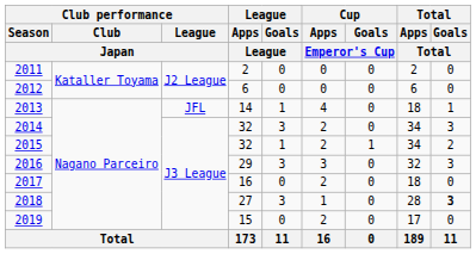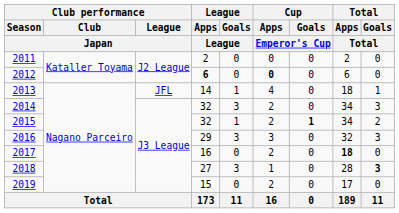 <table class="wikitable" style="text-align:center;">
 <tr>
 <th colspan=3>Club performance</th>
 <th colspan=2>League</th>
 <th colspan=2>Cup</th>
 <th colspan=2>Total</th>
 </tr>
 <tr>
 <th>Season</th>
 <th>Club</th>
 <th>League</th>
 <th>Apps</th>
 <th>Goals</th>
 <th>Apps</th>
 <th>Goals</th>
 <th>Apps</th>
 <th>Goals</th>
 </tr>
 <tr>
 <th colspan=3>Japan</th>
 <th colspan=2>League</th>
 <th colspan=2><a href='#'>Emperor's Cup</a></th>
 <th colspan=2>Total</th>
 </tr>
 <tr>
 <td><a href='#'>2011</a></td>
 <td rowspan="2"><a href='#'>Kataller Toyama</a></td>
 <td rowspan="2"><a href='#'>J2 League</a></td>
 <td>2</td>
 <td>0</td>
 <td>0</td>
 <td>0</td>
 <td>2</td>
 <td>0</td>
 </tr>
 <tr>
 <td><a href='#'>2012</a></td>
-<td>6</td>
+<td><strong>6</strong></td>
 <td>0</td>
-<td>0</td>
+<td><strong>0</strong></td>
 <td>0</td>
 <td>6</td>
 <td>0</td>
 </tr>
 <tr>
 <td><a href='#'>2013</a></td>
 <td rowspan="7"><a href='#'>Nagano Parceiro</a></td>
 <td><a href='#'>JFL</a></td>
 <td>14</td>
 <td>1</td>
 <td>4</td>
 <td>0</td>
 <td>18</td>
 <td>1</td>
 </tr>
 <tr>
 <td><a href='#'>2014</a></td>
 <td rowspan="6"><a href='#'>J3 League</a></td>
 <td>32</td>
 <td>3</td>
 <td>2</td>
 <td>0</td>
 <td>34</td>
 <td>3</td>
 </tr>
 <tr>
 <td><a href='#'>2015</a></td>
 <td>32</td>
 <td>1</td>
 <td>2</td>
-<td>1</td>
+<td><strong>1</strong></td>
 <td>34</td>
 <td>2</td>
 </tr>
 <tr>
 <td><a href='#'>2016</a></td>
 <td>29</td>
 <td>3</td>
 <td>3</td>
 <td>0</td>
 <td>32</td>
 <td>3</td>
 </tr>
 <tr>
 <td><a href='#'>2017</a></td>
 <td>16</td>
 <td>0</td>
 <td>2</td>
 <td>0</td>
-<td>18</td>
+<td><strong>18</strong></td>
 <td>0</td>
 </tr>
 <tr>
 <td><a href='#'>2018</a></td>
 <td>27</td>
 <td>3</td>
 <td>1</td>
 <td>0</td>
 <td>28</td>
 <td><strong>3</strong></td>
 </tr>
 <tr>
 <td><a href='#'>2019</a></td>
 <td>15</td>
 <td>0</td>
 <td>2</td>
 <td>0</td>
 <td>17</td>
 <td>0</td>
 </tr>
 <tr>
 <th colspan=3>Total</th>
 <th>173</th>
 <th>11</th>
 <th>16</th>
 <th>0</th>
 <th>189</th>
 <th>11</th>
 </tr>
 </table>
